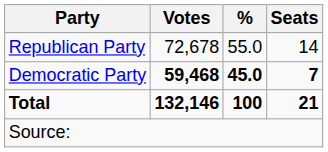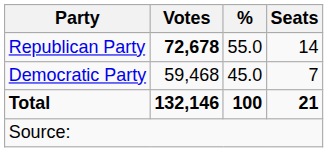 <table class=wikitable style=text-align:right>
 <tr>
 <th>Party</th>
 <th>Votes</th>
 <th>%</th>
 <th>Seats</th>
 </tr>
 <tr>
 <td align=left><a href='#'>Republican Party</a></td>
-<td>72,678</td>
+<td><strong>72,678</strong></td>
 <td>55.0</td>
 <td>14</td>
 </tr>
 <tr>
 <td align=left><a href='#'>Democratic Party</a></td>
-<td><strong>59,468</strong></td>
-<td><strong>45.0</strong></td>
-<td><strong>7</strong></td>
+<td>59,468</td>
+<td>45.0</td>
+<td>7</td>
 </tr>
 <tr>
 <td align=left><strong>Total</strong></td>
 <td><strong>132,146</strong></td>
 <td><strong>100</strong></td>
 <td><strong>21</strong></td>
 </tr>
 <tr>
 <td align=left colspan=6>Source: </td>
 </tr>
 </table>
